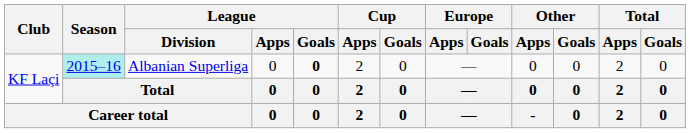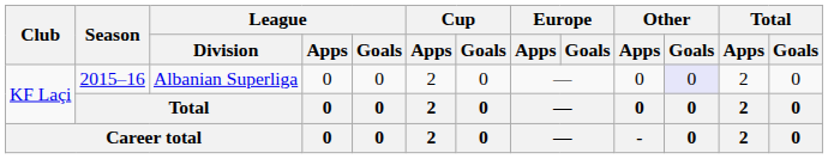 <table class="wikitable" style="text-align: center;">
 <tr>
 <th rowspan="2">Club</th>
 <th rowspan="2">Season</th>
 <th colspan="3">League</th>
 <th colspan="2">Cup</th>
 <th colspan="2">Europe</th>
 <th colspan="2">Other</th>
 <th colspan="2">Total</th>
 </tr>
 <tr>
 <th>Division</th>
 <th>Apps</th>
 <th>Goals</th>
 <th>Apps</th>
 <th>Goals</th>
 <th>Apps</th>
 <th>Goals</th>
 <th>Apps</th>
 <th>Goals</th>
 <th>Apps</th>
 <th>Goals</th>
 </tr>
 <tr>
 <td rowspan="2" valign="center"><a href='#'>KF Laçi</a></td>
-<td style="background: paleturquoise;"><a href='#'>2015–16</a></td>
+<td><a href='#'>2015–16</a></td>
 <td rowspan="1" valign="center"><a href='#'>Albanian Superliga</a></td>
 <td>0</td>
-<td><strong>0</strong></td>
+<td>0</td>
 <td>2</td>
 <td>0</td>
 <td colspan="2">—</td>
 <td>0</td>
-<td>0</td>
+<td style="background: lavender;">0</td>
 <td>2</td>
 <td>0</td>
 </tr>
 <tr>
 <th colspan="2">Total</th>
 <th>0</th>
 <th>0</th>
 <th>2</th>
 <th>0</th>
 <th colspan="2">—</th>
 <th>0</th>
 <th>0</th>
 <th>2</th>
 <th>0</th>
 </tr>
 <tr>
 <th colspan="3">Career total</th>
 <th>0</th>
 <th>0</th>
 <th>2</th>
 <th>0</th>
 <th colspan="2">—</th>
 <th>-</th>
 <th>0</th>
 <th>2</th>
 <th>0</th>
 </tr>
 </table>
